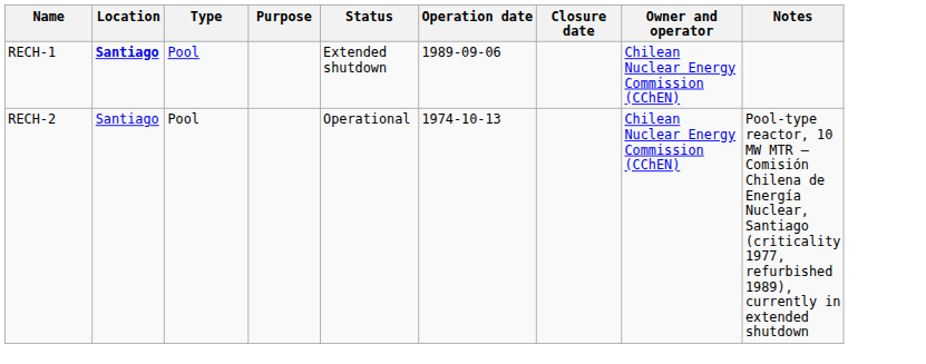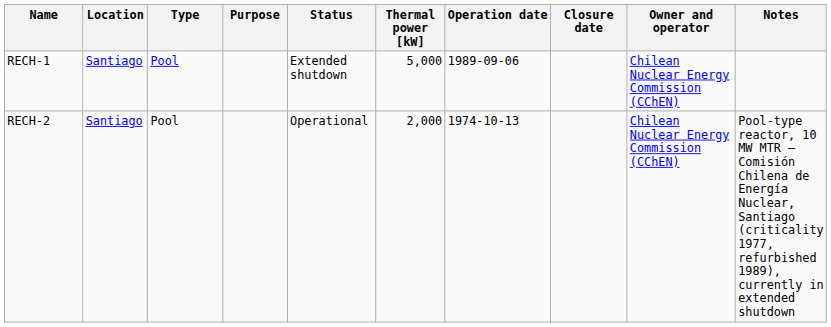 <table class="wikitable" >
 <tr valign="top">
 <th width="80">Name</th>
 <th width="65">Location</th>
 <th width="76">Type</th>
 <th width="65">Purpose</th>
 <th width="91">Status</th>
+<th width="70“">Thermal power [kW]</th>
 <th width=„67“>Operation date</th>
 <th width="78“">Closure date</th>
 <th width="113“">Owner and operator</th>
 <th width="65">Notes</th>
 </tr>
 <tr valign="top">
 <td>RECH-1</td>
-<td><strong><a href='#'>Santiago</a></strong></td>
+<td><a href='#'>Santiago</a></td>
 <td><a href='#'>Pool</a></td>
 <td></td>
 <td>Extended shutdown</td>
+<td align="right">5,000</td>
 <td>1989-09-06</td>
 <td></td>
 <td><a href='#'>Chilean Nuclear Energy Commission (CChEN)</a></td>
 <td></td>
 </tr>
 <tr valign="top">
 <td>RECH-2</td>
 <td><a href='#'>Santiago</a></td>
 <td>Pool</td>
 <td></td>
 <td>Operational</td>
+<td align="right">2,000</td>
 <td>1974-10-13</td>
 <td></td>
 <td><a href='#'>Chilean Nuclear Energy Commission (CChEN)</a></td>
 <td>Pool-type reactor, 10 MW MTR – Comisión Chilena de Energía Nuclear, Santiago (criticality 1977, refurbished 1989), currently in extended shutdown</td>
 </tr>
 </table>
